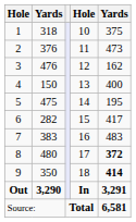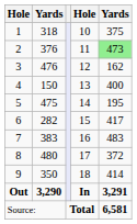 <table class="wikitable" style="text-align:center; font-size:100%;">
 <tr>
 <th>Hole</th>
 <th>Yards</th>
 <th></th>
 <th>Hole</th>
 <th>Yards</th>
 </tr>
 <tr>
 <td>1</td>
 <td>318</td>
 <td rowspan=10 style="background:#E6E8FA;"></td>
 <td>10</td>
 <td>375</td>
 </tr>
 <tr>
 <td>2</td>
 <td>376</td>
 <td>11</td>
-<td>473</td>
+<td style="background: lightgreen;">473</td>
 </tr>
 <tr>
 <td>3</td>
 <td>476</td>
 <td>12</td>
 <td>162</td>
 </tr>
 <tr>
 <td>4</td>
 <td>150</td>
 <td>13</td>
 <td>400</td>
 </tr>
 <tr>
 <td>5</td>
 <td>475</td>
 <td>14</td>
 <td>195</td>
 </tr>
 <tr>
 <td>6</td>
 <td>282</td>
 <td>15</td>
 <td>417</td>
 </tr>
 <tr>
 <td>7</td>
 <td>383</td>
 <td>16</td>
 <td>483</td>
 </tr>
 <tr>
 <td>8</td>
 <td>480</td>
 <td>17</td>
-<td><strong>372</strong></td>
+<td>372</td>
 </tr>
 <tr>
 <td>9</td>
 <td>350</td>
 <td>18</td>
-<td><strong>414</strong></td>
+<td>414</td>
 </tr>
 <tr>
 <td><strong>Out</strong></td>
 <td><strong>3,290</strong></td>
 <td><strong>In</strong></td>
 <td><strong>3,291</strong></td>
 </tr>
 <tr>
 <td colspan=2 align=left><small>Source:</small></td>
 <td colspan=2><strong>Total</strong></td>
 <td><strong>6,581</strong></td>
 </tr>
 </table>
